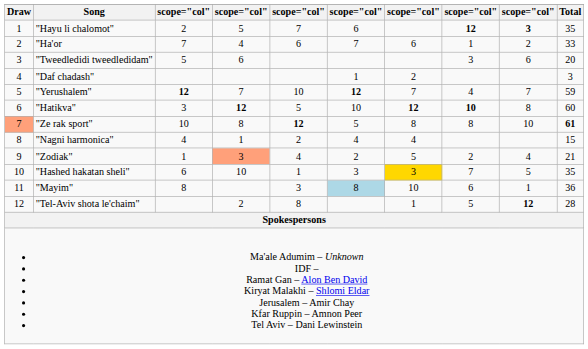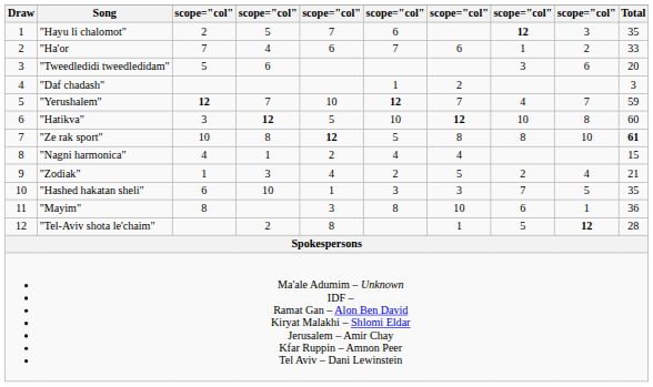 <table class="wikitable plainrowheaders" style="margin: 1em auto 1em auto; text-align:center;">
 <tr>
 </tr>
 <tr>
 <th scope="col">Draw</th>
 <th scope="col">Song</th>
 <th>scope="col" </th>
 <th>scope="col" </th>
 <th>scope="col" </th>
 <th>scope="col" </th>
 <th>scope="col" </th>
 <th>scope="col" </th>
 <th>scope="col" </th>
 <th scope="col">Total</th>
 </tr>
 <tr>
 <td>1</td>
 <td align="left">"Hayu li chalomot"</td>
 <td>2</td>
 <td>5</td>
 <td>7</td>
 <td>6</td>
 <td></td>
 <td><strong>12</strong></td>
-<td><strong>3</strong></td>
+<td>3</td>
 <td>35</td>
 </tr>
 <tr>
 <td>2</td>
 <td align="left">"Ha'or</td>
 <td>7</td>
 <td>4</td>
 <td>6</td>
 <td>7</td>
 <td>6</td>
 <td>1</td>
 <td>2</td>
 <td>33</td>
 </tr>
 <tr>
 <td>3</td>
 <td align="left">"Tweedledidi tweedledidam"</td>
 <td>5</td>
 <td>6</td>
 <td></td>
 <td></td>
 <td></td>
 <td>3</td>
 <td>6</td>
 <td>20</td>
 </tr>
 <tr>
 <td>4</td>
 <td align="left">"Daf chadash"</td>
 <td></td>
 <td></td>
 <td></td>
 <td>1</td>
 <td>2</td>
 <td></td>
 <td></td>
 <td>3</td>
 </tr>
 <tr>
 <td>5</td>
 <td align="left">"Yerushalem"</td>
 <td><strong>12</strong></td>
 <td>7</td>
 <td>10</td>
 <td><strong>12</strong></td>
 <td>7</td>
 <td>4</td>
 <td>7</td>
 <td>59</td>
 </tr>
 <tr>
 <td>6</td>
 <td align="left">"Hatikva"</td>
 <td>3</td>
 <td><strong>12</strong></td>
 <td>5</td>
 <td>10</td>
 <td><strong>12</strong></td>
-<td><strong>10</strong></td>
+<td>10</td>
 <td>8</td>
 <td>60</td>
 </tr>
 <tr>
-<td style="background: lightsalmon;">7</td>
+<td>7</td>
 <td align="left">"Ze rak sport"</td>
 <td>10</td>
 <td>8</td>
 <td><strong>12</strong></td>
 <td>5</td>
 <td>8</td>
 <td>8</td>
 <td>10</td>
 <td><strong>61</strong></td>
 </tr>
 <tr>
 <td>8</td>
 <td align="left">"Nagni harmonica"</td>
 <td>4</td>
 <td>1</td>
 <td>2</td>
 <td>4</td>
 <td>4</td>
 <td></td>
 <td></td>
 <td>15</td>
 </tr>
 <tr>
 <td>9</td>
 <td align="left">"Zodiak"</td>
 <td>1</td>
-<td style="background: lightsalmon;">3</td>
+<td>3</td>
 <td>4</td>
 <td>2</td>
 <td>5</td>
 <td>2</td>
 <td>4</td>
 <td>21</td>
 </tr>
 <tr>
 <td>10</td>
 <td align="left">"Hashed hakatan sheli"</td>
 <td>6</td>
 <td>10</td>
 <td>1</td>
 <td>3</td>
-<td style="background: gold;">3</td>
+<td>3</td>
 <td>7</td>
 <td>5</td>
 <td>35</td>
 </tr>
 <tr>
 <td>11</td>
 <td align="left">"Mayim"</td>
 <td>8</td>
 <td></td>
 <td>3</td>
-<td style="background: lightblue;">8</td>
+<td>8</td>
 <td>10</td>
 <td>6</td>
 <td>1</td>
 <td>36</td>
 </tr>
 <tr>
 <td>12</td>
 <td align="left">"Tel-Aviv shota le'chaim"</td>
 <td></td>
 <td>2</td>
 <td>8</td>
 <td></td>
 <td>1</td>
 <td>5</td>
 <td><strong>12</strong></td>
 <td>28</td>
 </tr>
 <tr>
 <th colspan="10">Spokespersons</th>
 </tr>
 <tr>
 <td colspan="10"><br><ul><li>Ma'ale Adumim – <em>Unknown</em></li><li>IDF – </li><li>Ramat Gan – <a href='#'>Alon Ben David</a></li><li>Kiryat Malakhi – <a href='#'>Shlomi Eldar</a></li><li>Jerusalem – Amir Chay</li><li>Kfar Ruppin – Amnon Peer</li><li>Tel Aviv – Dani Lewinstein</li></ul></td>
 </tr>
 </table>
